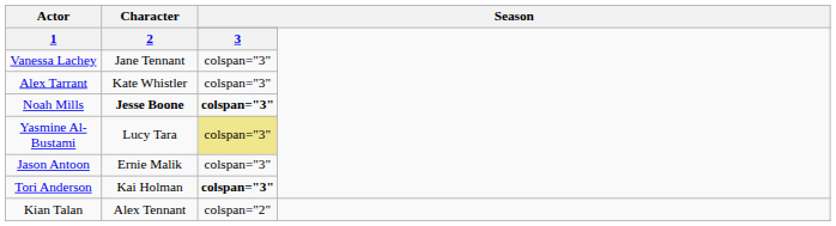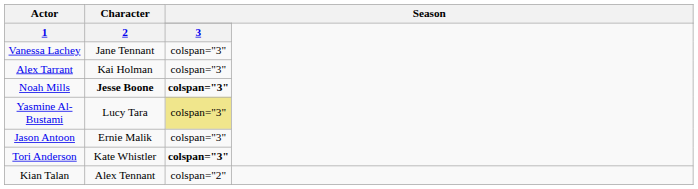 <table class="wikitable plainrowheaders" style="text-align:center; font-size:90%; width:100%">
 <tr>
 <th scope="col" rowspan="2" style="width:12%;">Actor</th>
 <th scope="col" rowspan="2" style="width:12%;">Character</th>
 <th scope="col" colspan="14" style="width:76%;">Season</th>
 </tr>
 <tr>
 </tr>
 <tr>
 <th scope="col" style="width:4%;"><a href='#'>1</a></th>
 <th scope="col" style="width:4%;"><a href='#'>2</a></th>
 <th scope="col" style="width:4%;"><a href='#'>3</a></th>
 </tr>
 <tr>
 <td scope="row"><a href='#'>Vanessa Lachey</a></td>
 <td>Jane Tennant</td>
 <td>colspan="3" </td>
 </tr>
 <tr>
 <td scope="row"><a href='#'>Alex Tarrant</a></td>
-<td>Kate Whistler</td>
+<td>Kai Holman</td>
 <td>colspan="3" </td>
 </tr>
 <tr>
 <td scope="row"><a href='#'>Noah Mills</a></td>
 <td><strong>Jesse Boone</strong></td>
 <td><strong>colspan="3" </strong></td>
 </tr>
 <tr>
 <td scope="row"><a href='#'>Yasmine Al-Bustami</a></td>
 <td>Lucy Tara</td>
 <td style="background: khaki;">colspan="3" </td>
 </tr>
 <tr>
 <td scope="row"><a href='#'>Jason Antoon</a></td>
 <td>Ernie Malik</td>
 <td>colspan="3" </td>
 </tr>
 <tr>
 <td scope="row"><a href='#'>Tori Anderson</a></td>
-<td>Kai Holman</td>
+<td>Kate Whistler</td>
 <td><strong>colspan="3" </strong></td>
 </tr>
 <tr>
 <td scope="row">Kian Talan</td>
 <td>Alex Tennant</td>
 <td>colspan="2" </td>
 <td></td>
 </tr>
 </table>
